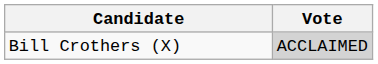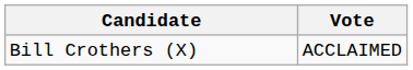 <table class="wikitable">
 <tr>
 <th bgcolor="#DDDDFF" width="200px">Candidate</th>
 <th bgcolor="#DDDDFF">Vote</th>
 </tr>
 <tr>
 <td>Bill Crothers (X)</td>
-<td style="background: lightgrey;">ACCLAIMED</td>
+<td>ACCLAIMED</td>
 </tr>
 </table>
